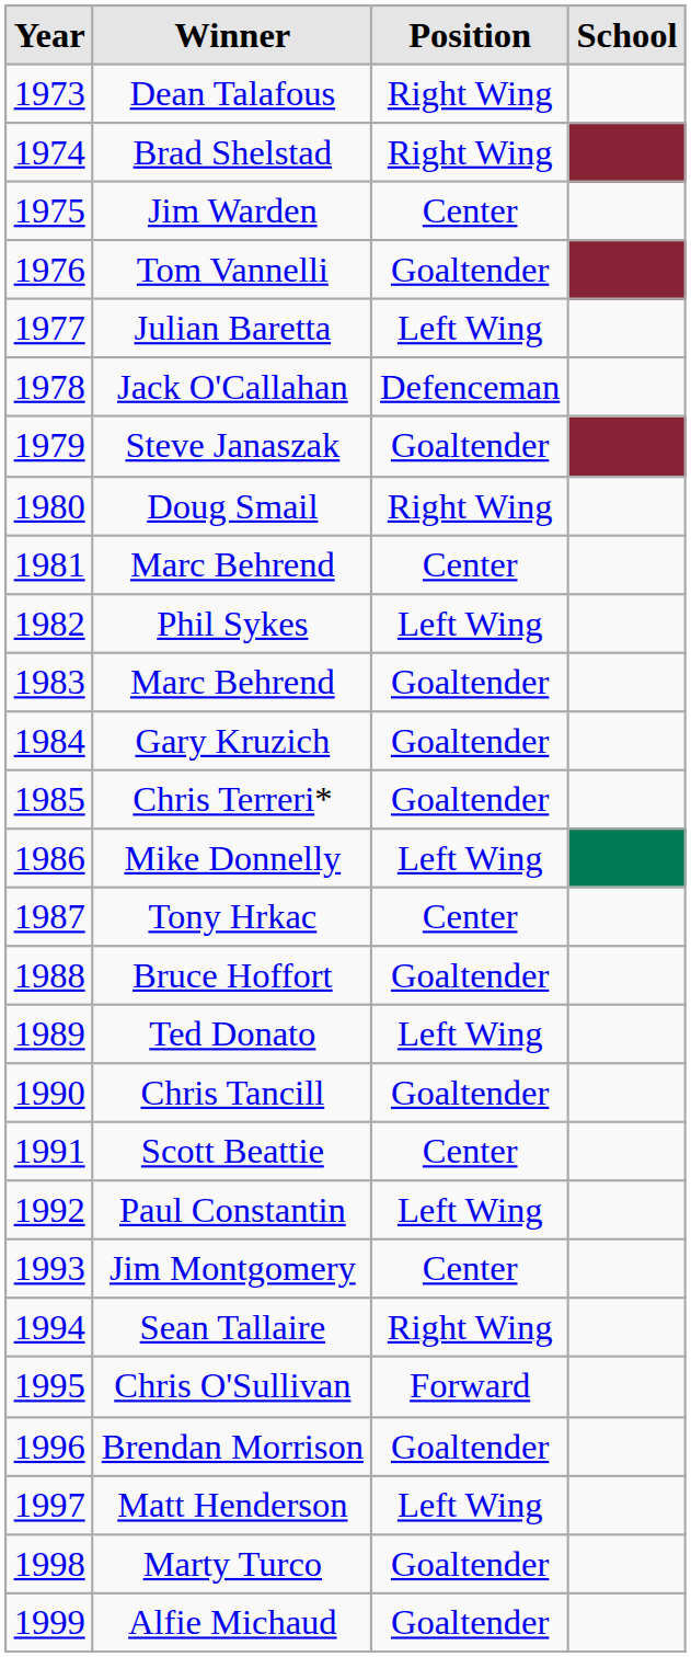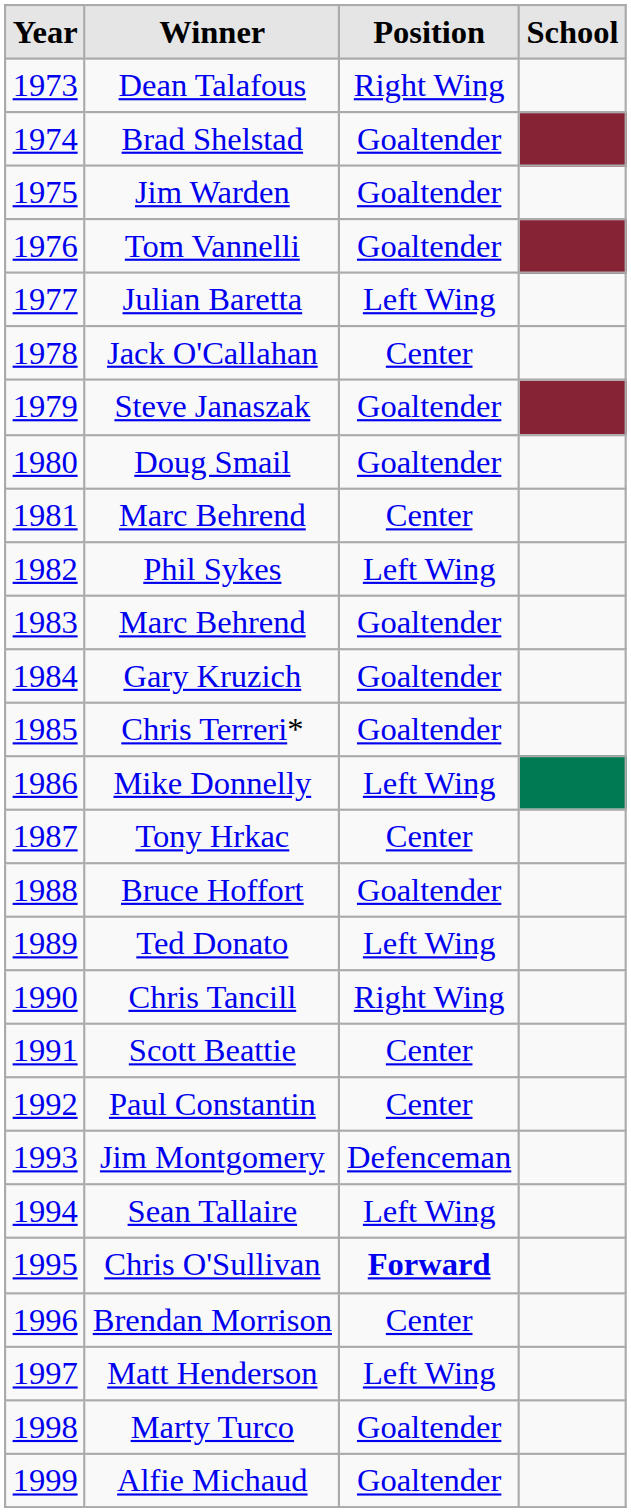 <table class="wikitable sortable" style="font-size: 95%;text-align: center;">
 <tr>
 <th style="background:#e5e5e5;">Year</th>
 <th style="background:#e5e5e5;">Winner</th>
 <th style="background:#e5e5e5;">Position</th>
 <th style="background:#e5e5e5;">School</th>
 </tr>
 <tr>
 <td><a href='#'>1973</a></td>
 <td><a href='#'>Dean Talafous</a></td>
 <td><a href='#'>Right Wing</a></td>
 <td><strong><a href='#'></a></strong></td>
 </tr>
 <tr>
 <td><a href='#'>1974</a></td>
 <td><a href='#'>Brad Shelstad</a></td>
-<td><a href='#'>Right Wing</a></td>
+<td><a href='#'>Goaltender</a></td>
 <td style="color:white; background:#862334; "><strong><a href='#'></a></strong></td>
 </tr>
 <tr>
 <td><a href='#'>1975</a></td>
 <td><a href='#'>Jim Warden</a></td>
-<td><a href='#'>Center</a></td>
+<td><a href='#'>Goaltender</a></td>
 <td><strong><a href='#'></a></strong></td>
 </tr>
 <tr>
 <td><a href='#'>1976</a></td>
 <td><a href='#'>Tom Vannelli</a></td>
 <td><a href='#'>Goaltender</a></td>
 <td style="color:white; background:#862334; "><strong><a href='#'></a></strong></td>
 </tr>
 <tr>
 <td><a href='#'>1977</a></td>
 <td><a href='#'>Julian Baretta</a></td>
 <td><a href='#'>Left Wing</a></td>
 <td><strong><a href='#'></a></strong></td>
 </tr>
 <tr>
 <td><a href='#'>1978</a></td>
 <td><a href='#'>Jack O'Callahan</a></td>
-<td><a href='#'>Defenceman</a></td>
+<td><a href='#'>Center</a></td>
 <td><strong><a href='#'></a></strong></td>
 </tr>
 <tr>
 <td><a href='#'>1979</a></td>
 <td><a href='#'>Steve Janaszak</a></td>
 <td><a href='#'>Goaltender</a></td>
 <td style="color:white; background:#862334; "><strong><a href='#'></a></strong></td>
 </tr>
 <tr>
 <td><a href='#'>1980</a></td>
 <td><a href='#'>Doug Smail</a></td>
-<td><a href='#'>Right Wing</a></td>
+<td><a href='#'>Goaltender</a></td>
 <td><strong><a href='#'></a></strong></td>
 </tr>
 <tr>
 <td><a href='#'>1981</a></td>
 <td><a href='#'>Marc Behrend</a></td>
 <td><a href='#'>Center</a></td>
 <td><strong><a href='#'></a></strong></td>
 </tr>
 <tr>
 <td><a href='#'>1982</a></td>
 <td><a href='#'>Phil Sykes</a></td>
 <td><a href='#'>Left Wing</a></td>
 <td><strong><a href='#'></a></strong></td>
 </tr>
 <tr>
 <td><a href='#'>1983</a></td>
 <td><a href='#'>Marc Behrend</a></td>
 <td><a href='#'>Goaltender</a></td>
 <td><strong><a href='#'></a></strong></td>
 </tr>
 <tr>
 <td><a href='#'>1984</a></td>
 <td><a href='#'>Gary Kruzich</a></td>
 <td><a href='#'>Goaltender</a></td>
 <td><strong><a href='#'></a></strong></td>
 </tr>
 <tr>
 <td><a href='#'>1985</a></td>
 <td><a href='#'>Chris Terreri</a>*</td>
 <td><a href='#'>Goaltender</a></td>
 <td><strong><a href='#'></a></strong></td>
 </tr>
 <tr>
 <td><a href='#'>1986</a></td>
 <td><a href='#'>Mike Donnelly</a></td>
 <td><a href='#'>Left Wing</a></td>
 <td style="color:white; background:#007A53"><strong><a href='#'></a></strong></td>
 </tr>
 <tr>
 <td><a href='#'>1987</a></td>
 <td><a href='#'>Tony Hrkac</a></td>
 <td><a href='#'>Center</a></td>
 <td><strong><a href='#'></a></strong></td>
 </tr>
 <tr>
 <td><a href='#'>1988</a></td>
 <td><a href='#'>Bruce Hoffort</a></td>
 <td><a href='#'>Goaltender</a></td>
 <td><strong><a href='#'></a></strong></td>
 </tr>
 <tr>
 <td><a href='#'>1989</a></td>
 <td><a href='#'>Ted Donato</a></td>
 <td><a href='#'>Left Wing</a></td>
 <td><strong><a href='#'></a></strong></td>
 </tr>
 <tr>
 <td><a href='#'>1990</a></td>
 <td><a href='#'>Chris Tancill</a></td>
-<td><a href='#'>Goaltender</a></td>
+<td><a href='#'>Right Wing</a></td>
 <td><strong><a href='#'></a></strong></td>
 </tr>
 <tr>
 <td><a href='#'>1991</a></td>
 <td><a href='#'>Scott Beattie</a></td>
 <td><a href='#'>Center</a></td>
 <td><strong><a href='#'></a></strong></td>
 </tr>
 <tr>
 <td><a href='#'>1992</a></td>
 <td><a href='#'>Paul Constantin</a></td>
-<td><a href='#'>Left Wing</a></td>
+<td><a href='#'>Center</a></td>
 <td><strong><a href='#'></a></strong></td>
 </tr>
 <tr>
 <td><a href='#'>1993</a></td>
 <td><a href='#'>Jim Montgomery</a></td>
-<td><a href='#'>Center</a></td>
+<td><a href='#'>Defenceman</a></td>
 <td><strong><a href='#'></a></strong></td>
 </tr>
 <tr>
 <td><a href='#'>1994</a></td>
 <td><a href='#'>Sean Tallaire</a></td>
-<td><a href='#'>Right Wing</a></td>
+<td><a href='#'>Left Wing</a></td>
 <td><strong><a href='#'></a></strong></td>
 </tr>
 <tr>
 <td><a href='#'>1995</a></td>
 <td><a href='#'>Chris O'Sullivan</a></td>
-<td><a href='#'>Forward</a></td>
+<td><strong><a href='#'>Forward</a></strong></td>
 <td><strong><a href='#'></a></strong></td>
 </tr>
 <tr>
 <td><a href='#'>1996</a></td>
 <td><a href='#'>Brendan Morrison</a></td>
-<td><a href='#'>Goaltender</a></td>
+<td><a href='#'>Center</a></td>
 <td><strong><a href='#'></a></strong></td>
 </tr>
 <tr>
 <td><a href='#'>1997</a></td>
 <td><a href='#'>Matt Henderson</a></td>
 <td><a href='#'>Left Wing</a></td>
 <td><strong><a href='#'></a></strong></td>
 </tr>
 <tr>
 <td><a href='#'>1998</a></td>
 <td><a href='#'>Marty Turco</a></td>
 <td><a href='#'>Goaltender</a></td>
 <td><strong><a href='#'></a></strong></td>
 </tr>
 <tr>
 <td><a href='#'>1999</a></td>
 <td><a href='#'>Alfie Michaud</a></td>
 <td><a href='#'>Goaltender</a></td>
 <td><strong><a href='#'></a></strong></td>
 </tr>
 <tr>
 </tr>
 </table>
